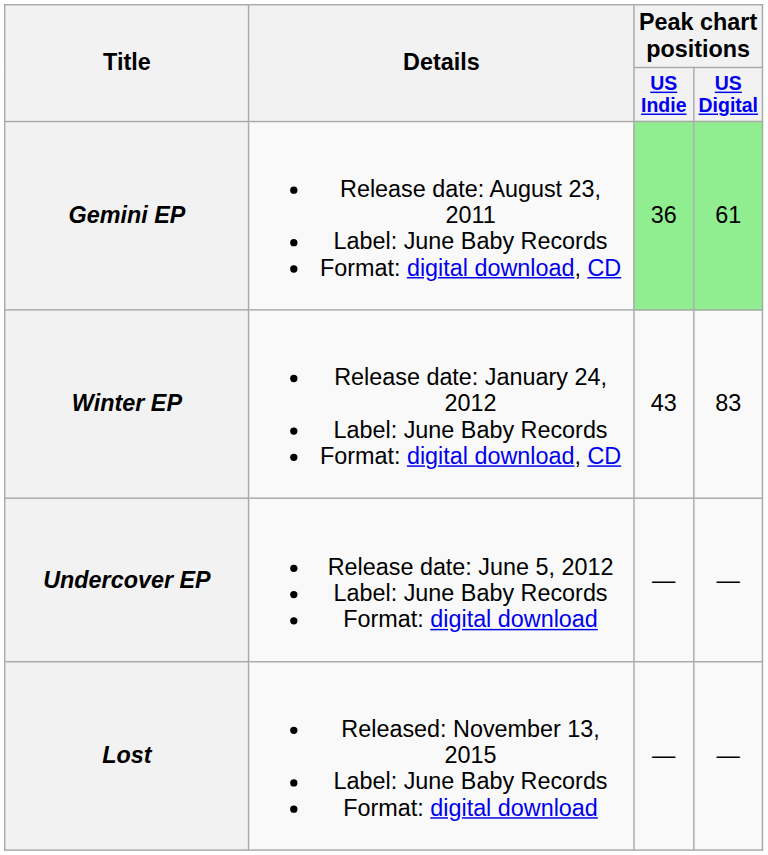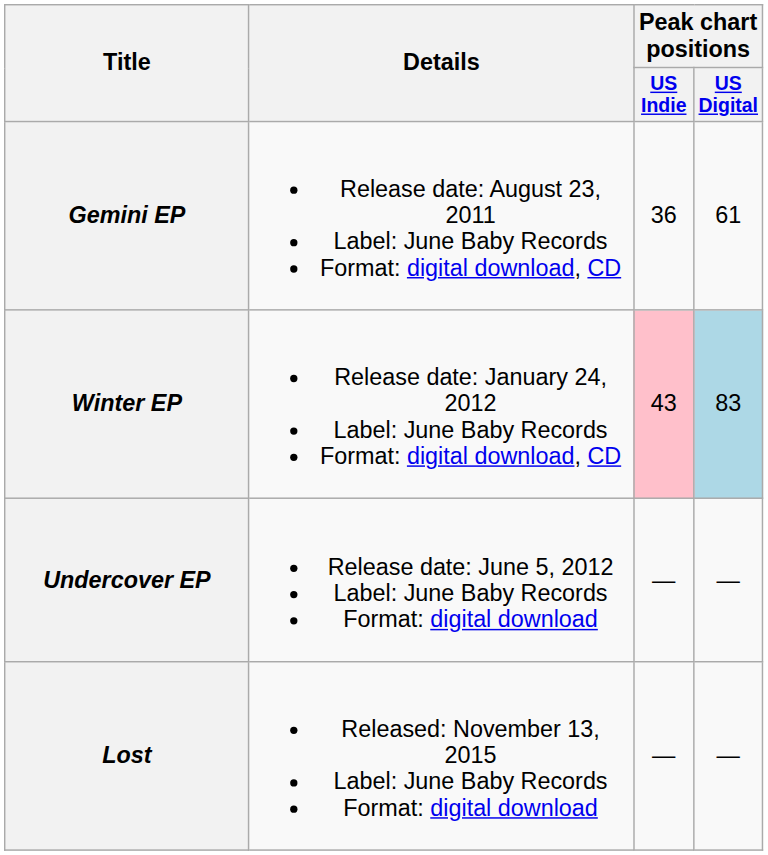 <table class="wikitable plainrowheaders" style="text-align:center;">
 <tr>
 <th rowspan="2" style="width:10em;">Title</th>
 <th rowspan="2" style="width:16em;">Details</th>
 <th colspan="10">Peak chart positions</th>
 </tr>
 <tr style="font-size:smaller;">
 <th style="width:35px;"><a href='#'>US<br>Indie</a><br></th>
 <th style="width:35px;"><a href='#'>US<br>Digital</a><br></th>
 </tr>
 <tr>
 <th scope="row"><em>Gemini EP</em></th>
 <td><br><ul><li>Release date: August 23, 2011</li><li>Label: June Baby Records</li><li>Format: <a href='#'>digital download</a>, <a href='#'>CD</a></li></ul></td>
-<td style="background: lightgreen;">36</td>
-<td style="background: lightgreen;">61</td>
+<td>36</td>
+<td>61</td>
 </tr>
 <tr>
 <th scope="row"><em>Winter EP</em></th>
 <td><br><ul><li>Release date: January 24, 2012</li><li>Label: June Baby Records</li><li>Format: <a href='#'>digital download</a>, <a href='#'>CD</a></li></ul></td>
-<td>43</td>
-<td>83</td>
+<td style="background: pink;">43</td>
+<td style="background: lightblue;">83</td>
 </tr>
 <tr>
 <th scope="row"><em>Undercover EP</em></th>
 <td><br><ul><li>Release date: June 5, 2012</li><li>Label: June Baby Records</li><li>Format: <a href='#'>digital download</a></li></ul></td>
 <td>—</td>
 <td>—</td>
 </tr>
 <tr>
 <th scope="row"><em>Lost</em></th>
 <td><br><ul><li>Released: November 13, 2015</li><li>Label: June Baby Records</li><li>Format: <a href='#'>digital download</a></li></ul></td>
 <td>—</td>
 <td>—</td>
 </tr>
 </table>
